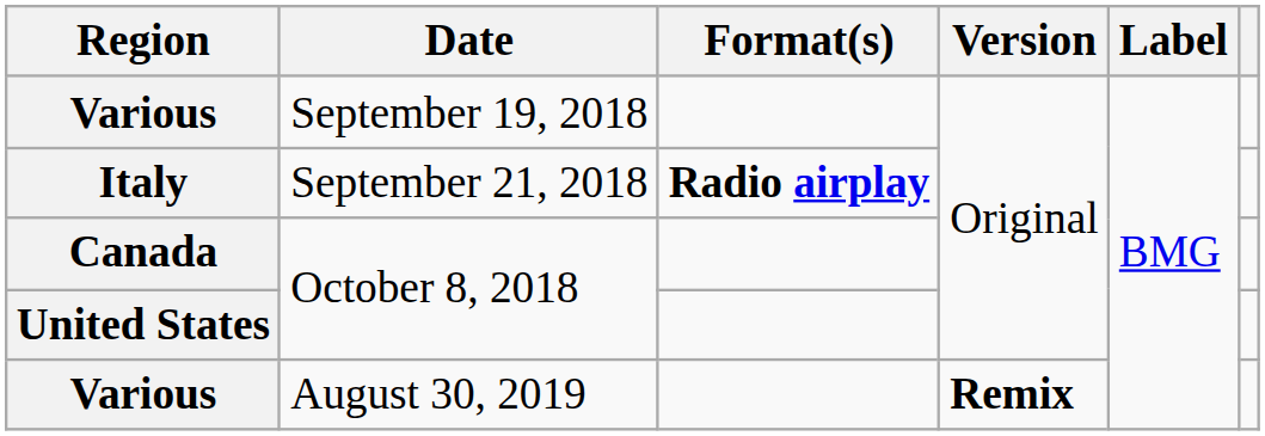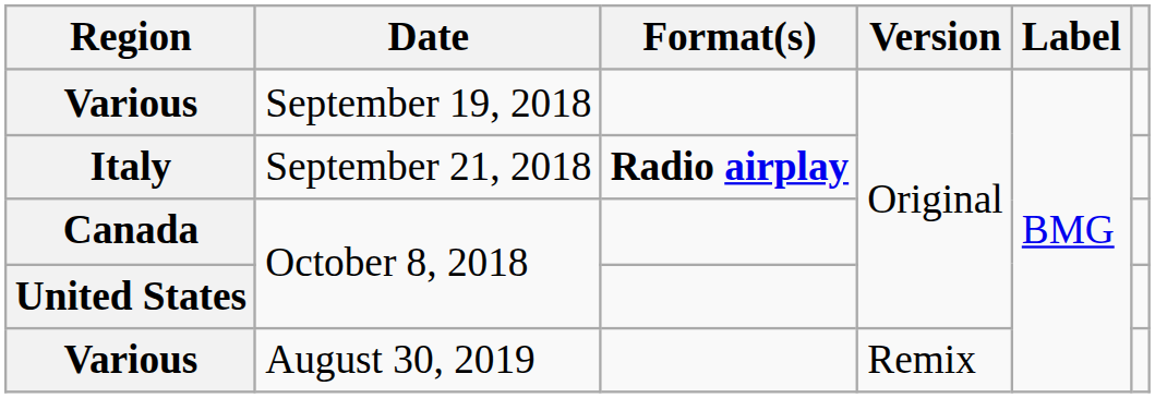 <table class="wikitable plainrowheaders">
 <tr>
 <th scope="col">Region</th>
 <th scope="col">Date</th>
 <th scope="col">Format(s)</th>
 <th scope="col">Version</th>
 <th scope="col">Label</th>
 <th scope="col"></th>
 </tr>
 <tr>
 <th scope="row">Various</th>
 <td>September 19, 2018</td>
 <td></td>
 <td rowspan="4">Original</td>
 <td rowspan="5"><a href='#'>BMG</a></td>
 <td align="center"></td>
 </tr>
 <tr>
 <th scope="row">Italy</th>
 <td>September 21, 2018</td>
 <td><strong>Radio <a href='#'>airplay</a></strong></td>
 <td align="center"></td>
 </tr>
 <tr>
 <th scope="row">Canada</th>
 <td rowspan="2">October 8, 2018</td>
 <td></td>
 <td align="center"></td>
 </tr>
 <tr>
 <th scope="row">United States</th>
 <td></td>
 <td align="center"></td>
 </tr>
 <tr>
 <th scope="row">Various</th>
 <td>August 30, 2019</td>
 <td></td>
-<td><strong>Remix</strong></td>
+<td>Remix</td>
 <td align="center"></td>
 </tr>
 </table>
